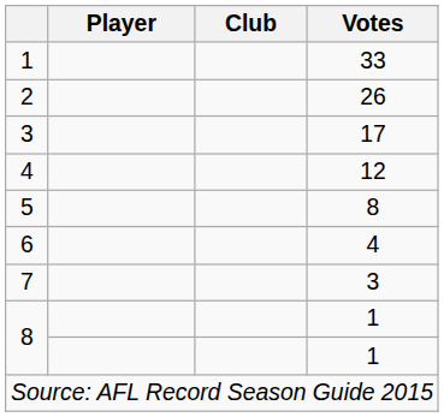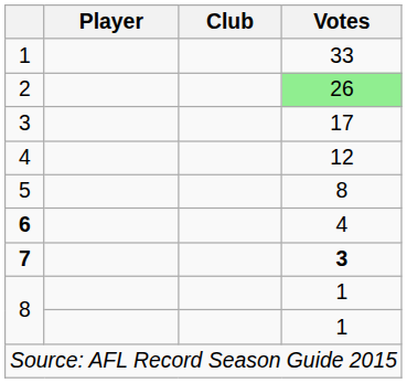 <table class="wikitable sortable" style="text-align:center">
 <tr>
 <th></th>
 <th>Player</th>
 <th>Club</th>
 <th>Votes</th>
 </tr>
 <tr>
 <td>1</td>
 <td></td>
 <td></td>
 <td>33</td>
 </tr>
 <tr>
 <td>2</td>
 <td></td>
 <td></td>
-<td>26</td>
+<td style="background: lightgreen;">26</td>
 </tr>
 <tr>
 <td>3</td>
 <td></td>
 <td></td>
 <td>17</td>
 </tr>
 <tr>
 <td>4</td>
 <td></td>
 <td></td>
 <td>12</td>
 </tr>
 <tr>
 <td>5</td>
 <td></td>
 <td></td>
 <td>8</td>
 </tr>
 <tr>
-<td>6</td>
+<td><strong>6</strong></td>
 <td></td>
 <td></td>
 <td>4</td>
 </tr>
 <tr>
-<td>7</td>
+<td><strong>7</strong></td>
 <td></td>
 <td></td>
-<td>3</td>
+<td><strong>3</strong></td>
 </tr>
 <tr>
 <td rowspan=2>8</td>
 <td></td>
 <td></td>
 <td>1</td>
 </tr>
 <tr>
 <td></td>
 <td></td>
 <td>1</td>
 </tr>
 <tr class="sortbottom">
 <td colspan=4><em>Source: AFL Record Season Guide 2015</em></td>
 </tr>
 </table>
